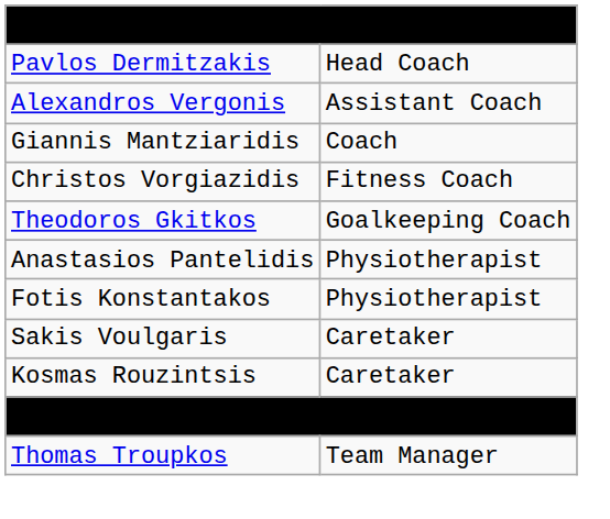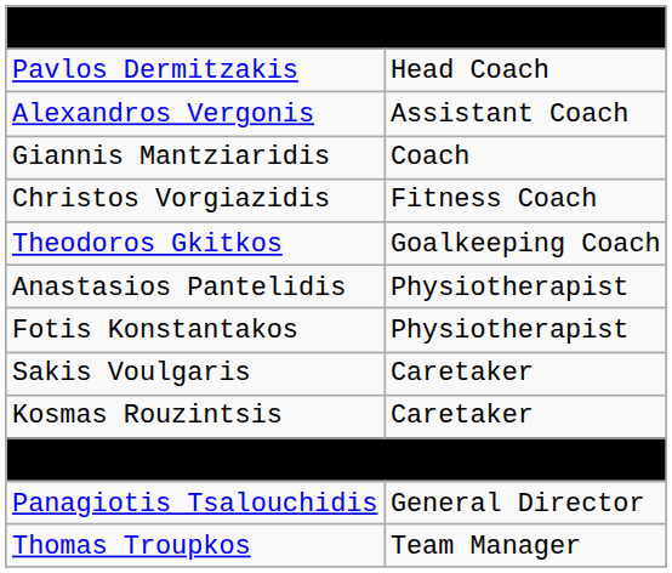 <table class="wikitable">
 <tr>
 <th colspan="2" style="background:black;"><span>Coaching staff</span></th>
 </tr>
 <tr>
 <td> <a href='#'>Pavlos Dermitzakis</a></td>
 <td>Head Coach</td>
 </tr>
 <tr>
 <td> <a href='#'>Alexandros Vergonis</a></td>
 <td>Assistant Coach</td>
 </tr>
 <tr>
 <td> Giannis Mantziaridis</td>
 <td>Coach</td>
 </tr>
 <tr>
 <td> Christos Vorgiazidis</td>
 <td>Fitness Coach</td>
 </tr>
 <tr>
 <td> <a href='#'>Theodoros Gkitkos</a></td>
 <td>Goalkeeping Coach</td>
 </tr>
 <tr>
 <td> Anastasios Pantelidis</td>
 <td>Physiotherapist</td>
 </tr>
 <tr>
 <td> Fotis Konstantakos</td>
 <td>Physiotherapist</td>
 </tr>
 <tr>
 <td> Sakis Voulgaris</td>
 <td>Caretaker</td>
 </tr>
 <tr>
 <td> Kosmas Rouzintsis</td>
 <td>Caretaker</td>
 </tr>
 <tr>
 <th colspan="2" style="background:black;"><span>Sport management and organisation</span></th>
 </tr>
 <tr>
+<td> <a href='#'>Panagiotis Tsalouchidis</a></td>
+<td>General Director</td>
+</tr>
+<tr>
 <td> <a href='#'>Thomas Troupkos</a></td>
 <td>Team Manager</td>
 </tr>
 </table>
